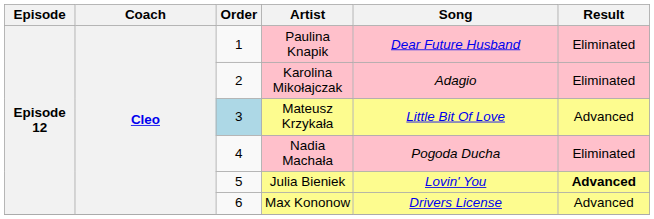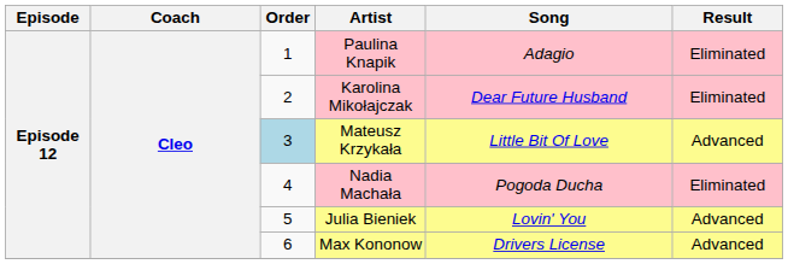 <table class="wikitable" style="text-align: center; width:87%;">
 <tr>
 <th style="width:10%;">Episode</th>
 <th style="width:20%;">Coach</th>
 <th style="width:05%;">Order</th>
 <th style="width:13%;">Artist</th>
 <th style="width:29%;">Song</th>
 <th style="width:13%;">Result</th>
 </tr>
 <tr>
 <th rowspan="6">Episode 12<br><small></small></th>
 <th rowspan="6"><a href='#'>Cleo</a></th>
 <td>1</td>
 <td style="background:pink;">Paulina Knapik</td>
-<td style="background:pink;"><em><a href='#'>Dear Future Husband</a></em></td>
+<td style="background:pink;"><em>Adagio</em></td>
 <td style="background:pink;">Eliminated</td>
 </tr>
 <tr>
 <td>2</td>
 <td style="background:pink;">Karolina Mikołajczak</td>
-<td style="background:pink;"><em>Adagio</em></td>
+<td style="background:pink;"><em><a href='#'>Dear Future Husband</a></em></td>
 <td style="background:pink;">Eliminated</td>
 </tr>
 <tr>
 <td style="background: lightblue;">3</td>
 <td style="background:#fdfc8f;">Mateusz Krzykała</td>
 <td style="background:#fdfc8f;"><em><a href='#'>Little Bit Of Love</a></em></td>
 <td style="background:#fdfc8f;">Advanced</td>
 </tr>
 <tr>
 <td>4</td>
 <td style="background:pink;">Nadia Machała</td>
 <td style="background:pink;"><em>Pogoda Ducha</em></td>
 <td style="background:pink;">Eliminated</td>
 </tr>
 <tr>
 <td>5</td>
 <td style="background:#fdfc8f;">Julia Bieniek</td>
 <td style="background:#fdfc8f;"><em><a href='#'>Lovin' You</a></em></td>
-<td style="background:#fdfc8f;"><strong>Advanced</strong></td>
+<td style="background:#fdfc8f;">Advanced</td>
 </tr>
 <tr>
 <td>6</td>
 <td style="background:#fdfc8f;">Max Kononow</td>
 <td style="background:#fdfc8f;"><em><a href='#'>Drivers License</a></em></td>
 <td style="background:#fdfc8f;">Advanced</td>
 </tr>
 <tr>
 </tr>
 </table>
